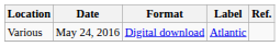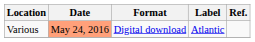 <table class="wikitable plainrowheaders">
 <tr>
 <th>Location</th>
 <th>Date</th>
 <th>Format</th>
 <th>Label</th>
 <th>Ref.</th>
 </tr>
 <tr>
 <td>Various</td>
-<td>May 24, 2016</td>
+<td style="background: lightsalmon;">May 24, 2016</td>
 <td><a href='#'>Digital download</a></td>
 <td rowspan="1"><a href='#'>Atlantic</a></td>
 <td><br></td>
 </tr>
 <tr>
 </tr>
 </table>
